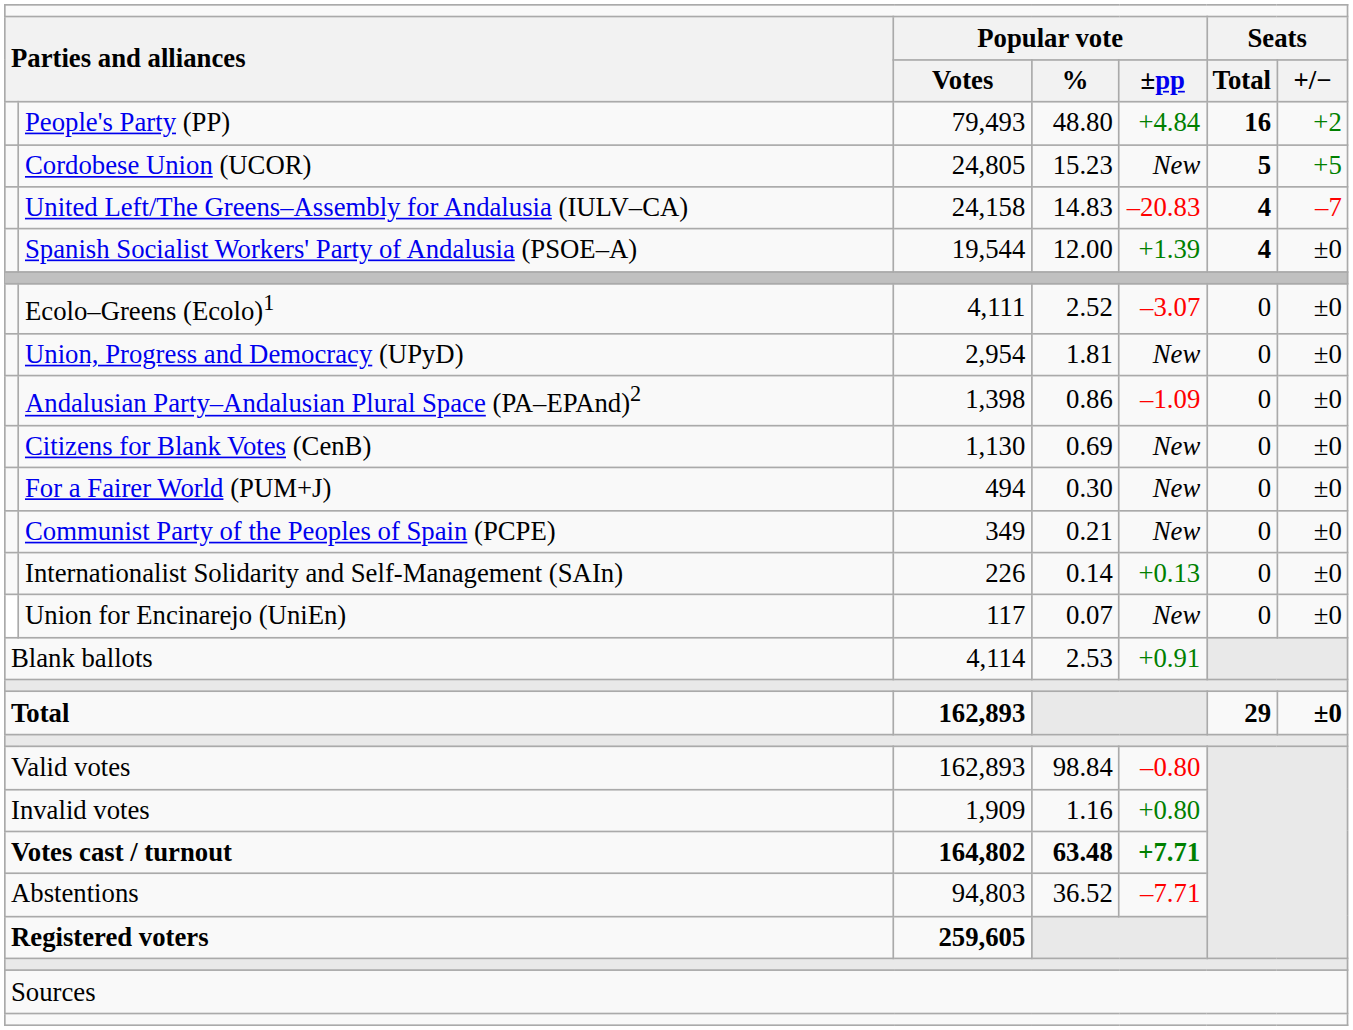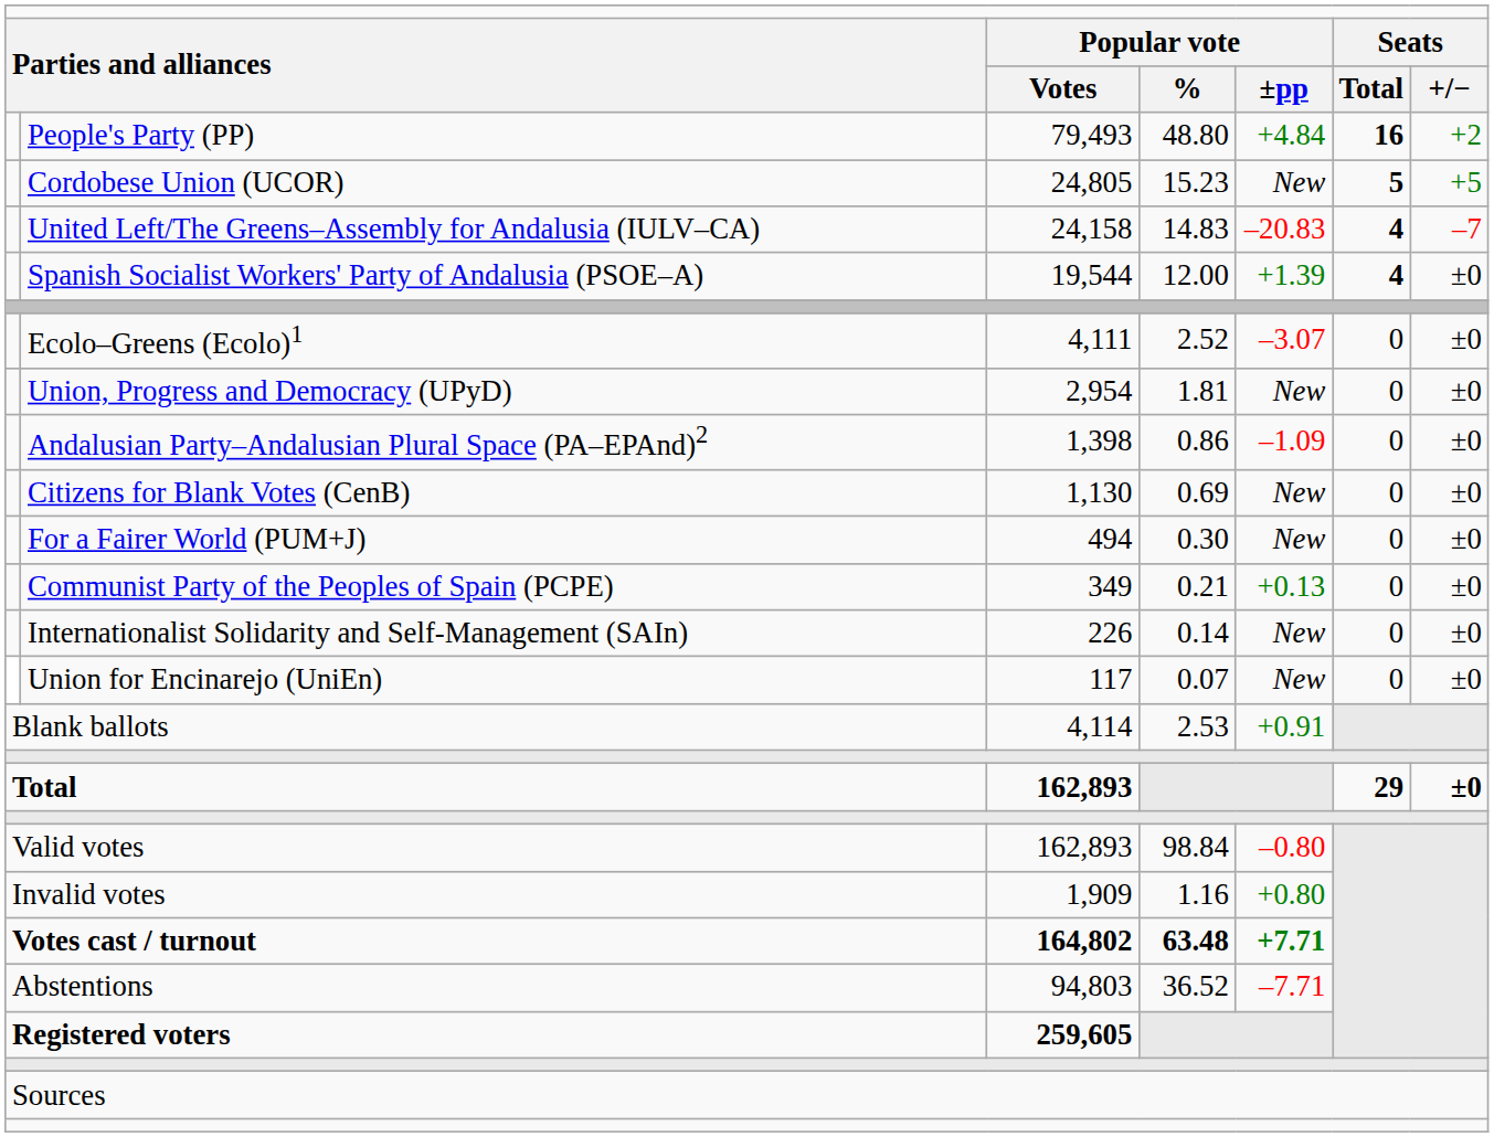 <table class="wikitable" style="text-align:right;">
 <tr>
 <td colspan="7"></td>
 </tr>
 <tr>
 <th style="text-align:left;" rowspan="2" colspan="2" width="525">Parties and alliances</th>
 <th colspan="3">Popular vote</th>
 <th colspan="2">Seats</th>
 </tr>
 <tr>
 <th width="75">Votes</th>
 <th width="45">%</th>
 <th width="45">±<a href='#'>pp</a></th>
 <th width="35">Total</th>
 <th width="35">+/−</th>
 </tr>
 <tr>
 <td width="1" style="color:inherit;background:"></td>
 <td align="left"><a href='#'>People's Party</a> (PP)</td>
 <td>79,493</td>
 <td>48.80</td>
 <td style="color:green;">+4.84</td>
 <td><strong>16</strong></td>
 <td style="color:green;">+2</td>
 </tr>
 <tr>
 <td style="color:inherit;background:"></td>
 <td align="left"><a href='#'>Cordobese Union</a> (UCOR)</td>
 <td>24,805</td>
 <td>15.23</td>
 <td><em>New</em></td>
 <td><strong>5</strong></td>
 <td style="color:green;">+5</td>
 </tr>
 <tr>
 <td style="color:inherit;background:"></td>
 <td align="left"><a href='#'>United Left/The Greens–Assembly for Andalusia</a> (IULV–CA)</td>
 <td>24,158</td>
 <td>14.83</td>
 <td style="color:red;">–20.83</td>
 <td><strong>4</strong></td>
 <td style="color:red;">–7</td>
 </tr>
 <tr>
 <td style="color:inherit;background:"></td>
 <td align="left"><a href='#'>Spanish Socialist Workers' Party of Andalusia</a> (PSOE–A)</td>
 <td>19,544</td>
 <td>12.00</td>
 <td style="color:green;">+1.39</td>
 <td><strong>4</strong></td>
 <td>±0</td>
 </tr>
 <tr>
 <td colspan="7" bgcolor="#C0C0C0"></td>
 </tr>
 <tr>
 <td width="1" style="color:inherit;background:"></td>
 <td align="left">Ecolo–Greens (Ecolo)<sup>1</sup></td>
 <td>4,111</td>
 <td>2.52</td>
 <td style="color:red;">–3.07</td>
 <td>0</td>
 <td>±0</td>
 </tr>
 <tr>
 <td style="color:inherit;background:"></td>
 <td align="left"><a href='#'>Union, Progress and Democracy</a> (UPyD)</td>
 <td>2,954</td>
 <td>1.81</td>
 <td><em>New</em></td>
 <td>0</td>
 <td>±0</td>
 </tr>
 <tr>
 <td style="color:inherit;background:"></td>
 <td align="left"><a href='#'>Andalusian Party–Andalusian Plural Space</a> (PA–EPAnd)<sup>2</sup></td>
 <td>1,398</td>
 <td>0.86</td>
 <td style="color:red;">–1.09</td>
 <td>0</td>
 <td>±0</td>
 </tr>
 <tr>
 <td style="color:inherit;background:"></td>
 <td align="left"><a href='#'>Citizens for Blank Votes</a> (CenB)</td>
 <td>1,130</td>
 <td>0.69</td>
 <td><em>New</em></td>
 <td>0</td>
 <td>±0</td>
 </tr>
 <tr>
 <td style="color:inherit;background:"></td>
 <td align="left"><a href='#'>For a Fairer World</a> (PUM+J)</td>
 <td>494</td>
 <td>0.30</td>
 <td><em>New</em></td>
 <td>0</td>
 <td>±0</td>
 </tr>
 <tr>
 <td style="color:inherit;background:"></td>
 <td align="left"><a href='#'>Communist Party of the Peoples of Spain</a> (PCPE)</td>
 <td>349</td>
 <td>0.21</td>
-<td><em>New</em></td>
+<td style="color:green;">+0.13</td>
 <td>0</td>
 <td>±0</td>
 </tr>
 <tr>
 <td style="color:inherit;background:"></td>
 <td align="left">Internationalist Solidarity and Self-Management (SAIn)</td>
 <td>226</td>
 <td>0.14</td>
-<td style="color:green;">+0.13</td>
+<td><em>New</em></td>
 <td>0</td>
 <td>±0</td>
 </tr>
 <tr>
 <td bgcolor="white"></td>
 <td align="left">Union for Encinarejo (UniEn)</td>
 <td>117</td>
 <td>0.07</td>
 <td><em>New</em></td>
 <td>0</td>
 <td>±0</td>
 </tr>
 <tr>
 <td align="left" colspan="2">Blank ballots</td>
 <td>4,114</td>
 <td>2.53</td>
 <td style="color:green;">+0.91</td>
 <td bgcolor="#E9E9E9" colspan="2"></td>
 </tr>
 <tr>
 <td colspan="7" bgcolor="#E9E9E9"></td>
 </tr>
 <tr style="font-weight:bold;">
 <td align="left" colspan="2">Total</td>
 <td>162,893</td>
 <td bgcolor="#E9E9E9" colspan="2"></td>
 <td>29</td>
 <td>±0</td>
 </tr>
 <tr>
 <td colspan="7" bgcolor="#E9E9E9"></td>
 </tr>
 <tr>
 <td align="left" colspan="2">Valid votes</td>
 <td>162,893</td>
 <td>98.84</td>
 <td style="color:red;">–0.80</td>
 <td bgcolor="#E9E9E9" colspan="2" rowspan="5"></td>
 </tr>
 <tr>
 <td align="left" colspan="2">Invalid votes</td>
 <td>1,909</td>
 <td>1.16</td>
 <td style="color:green;">+0.80</td>
 </tr>
 <tr style="font-weight:bold;">
 <td align="left" colspan="2">Votes cast / turnout</td>
 <td>164,802</td>
 <td>63.48</td>
 <td style="color:green;">+7.71</td>
 </tr>
 <tr>
 <td align="left" colspan="2">Abstentions</td>
 <td>94,803</td>
 <td>36.52</td>
 <td style="color:red;">–7.71</td>
 </tr>
 <tr style="font-weight:bold;">
 <td align="left" colspan="2">Registered voters</td>
 <td>259,605</td>
 <td bgcolor="#E9E9E9" colspan="2"></td>
 </tr>
 <tr>
 <td colspan="7" bgcolor="#E9E9E9"></td>
 </tr>
 <tr>
 <td align="left" colspan="7">Sources</td>
 </tr>
 <tr>
 <td colspan="7" style="text-align:left; max-width:790px;"></td>
 </tr>
 </table>
